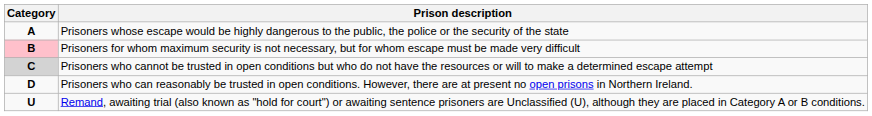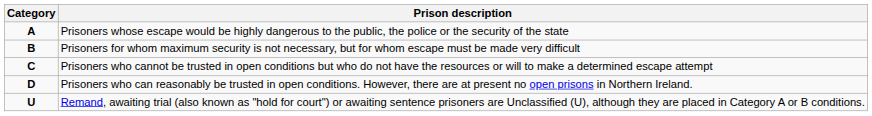 <table class="wikitable">
 <tr>
 <th Prisoner category>Category</th>
 <th>Prison description</th>
 </tr>
 <tr valign="top">
 <td align="center" valign="middle"><strong>A</strong></td>
 <td>Prisoners whose escape would be highly dangerous to the public, the police or the security of the state</td>
 </tr>
 <tr valign="top">
-<td align="center" valign="middle" style="background: pink;"><strong>B</strong></td>
+<td align="center" valign="middle"><strong>B</strong></td>
 <td>Prisoners for whom maximum security is not necessary, but for whom escape must be made very difficult</td>
 </tr>
 <tr valign="top">
-<td align="center" valign="middle" style="background: lightgrey;"><strong>C</strong></td>
+<td align="center" valign="middle"><strong>C</strong></td>
 <td>Prisoners who cannot be trusted in open conditions but who do not have the resources or will to make a determined escape attempt</td>
 </tr>
 <tr valign="top">
 <td align="center" valign="middle"><strong>D</strong></td>
 <td>Prisoners who can reasonably be trusted in open conditions. However, there are at present no <a href='#'>open prisons</a> in Northern Ireland.</td>
 </tr>
 <tr valign="top">
 <td align="center" valign="middle"><strong>U</strong></td>
 <td><a href='#'>Remand</a>, awaiting trial (also known as "hold for court") or awaiting sentence prisoners are Unclassified (U), although they are placed in Category A or B conditions.</td>
 </tr>
 </table>
